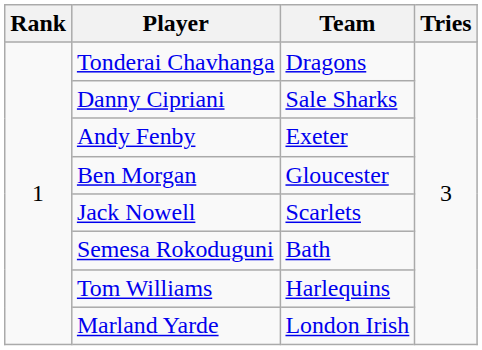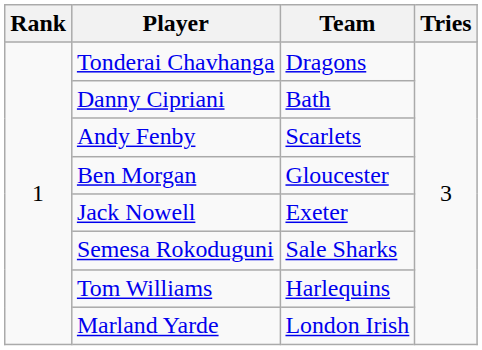 <table class="wikitable" style="text-align:center">
 <tr>
 <th>Rank</th>
 <th>Player</th>
 <th>Team</th>
 <th>Tries</th>
 </tr>
 <tr>
 <td rowspan=8>1</td>
 <td align=left><a href='#'>Tonderai Chavhanga</a></td>
 <td align=left> <a href='#'>Dragons</a></td>
 <td rowspan=8>3</td>
 </tr>
 <tr>
 <td align=left><a href='#'>Danny Cipriani</a></td>
-<td align=left> <a href='#'>Sale Sharks</a></td>
+<td align=left> <a href='#'>Bath</a></td>
 </tr>
 <tr>
 <td align=left><a href='#'>Andy Fenby</a></td>
-<td align=left> <a href='#'>Exeter</a></td>
+<td align=left> <a href='#'>Scarlets</a></td>
 </tr>
 <tr>
 <td align=left><a href='#'>Ben Morgan</a></td>
 <td align=left> <a href='#'>Gloucester</a></td>
 </tr>
 <tr>
 <td align=left><a href='#'>Jack Nowell</a></td>
-<td align=left> <a href='#'>Scarlets</a></td>
+<td align=left> <a href='#'>Exeter</a></td>
 </tr>
 <tr>
 <td align=left><a href='#'>Semesa Rokoduguni</a></td>
-<td align=left> <a href='#'>Bath</a></td>
+<td align=left> <a href='#'>Sale Sharks</a></td>
 </tr>
 <tr>
 <td align=left><a href='#'>Tom Williams</a></td>
 <td align=left> <a href='#'>Harlequins</a></td>
 </tr>
 <tr>
 <td align=left><a href='#'>Marland Yarde</a></td>
 <td align=left> <a href='#'>London Irish</a></td>
 </tr>
 </table>
